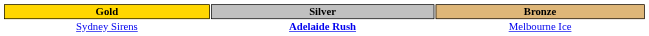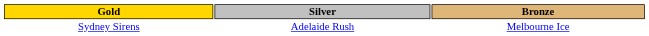 <table class="toccolours" style="width:60em;text-align: center;margin: 1em auto;">
 <tr>
 <th style="background:Gold;color:black;border:#000000 1px solid">Gold</th>
 <th style="background:Silver;color:black;border:#000000 1px solid">Silver</th>
 <th style="background:#deb678;color:black;border:#000000 1px solid">Bronze</th>
 </tr>
 <tr>
 <td> <a href='#'>Sydney Sirens</a></td>
-<td><strong> <a href='#'>Adelaide Rush</a></strong></td>
+<td> <a href='#'>Adelaide Rush</a></td>
 <td> <a href='#'>Melbourne Ice</a></td>
 </tr>
 <tr>
 </tr>
 </table>
